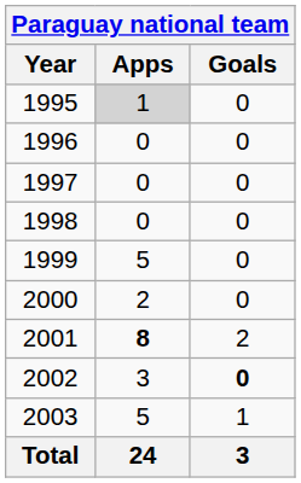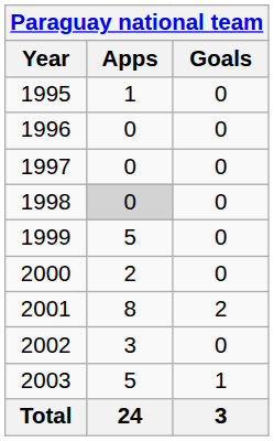 <table class="wikitable" style="text-align:center">
 <tr>
 <th colspan=3><a href='#'>Paraguay national team</a></th>
 </tr>
 <tr>
 <th>Year</th>
 <th>Apps</th>
 <th>Goals</th>
 </tr>
 <tr>
 <td>1995</td>
-<td style="background: lightgrey;">1</td>
+<td>1</td>
 <td>0</td>
 </tr>
 <tr>
 <td>1996</td>
 <td>0</td>
 <td>0</td>
 </tr>
 <tr>
 <td>1997</td>
 <td>0</td>
 <td>0</td>
 </tr>
 <tr>
 <td>1998</td>
-<td>0</td>
+<td style="background: lightgrey;">0</td>
 <td>0</td>
 </tr>
 <tr>
 <td>1999</td>
 <td>5</td>
 <td>0</td>
 </tr>
 <tr>
 <td>2000</td>
 <td>2</td>
 <td>0</td>
 </tr>
 <tr>
 <td>2001</td>
-<td><strong>8</strong></td>
+<td>8</td>
 <td>2</td>
 </tr>
 <tr>
 <td>2002</td>
 <td>3</td>
-<td><strong>0</strong></td>
+<td>0</td>
 </tr>
 <tr>
 <td>2003</td>
 <td>5</td>
 <td>1</td>
 </tr>
 <tr>
 <th>Total</th>
 <th>24</th>
 <th>3</th>
 </tr>
 </table>
